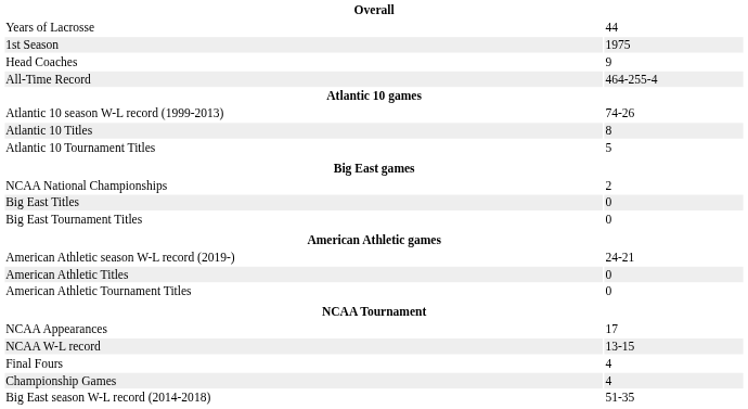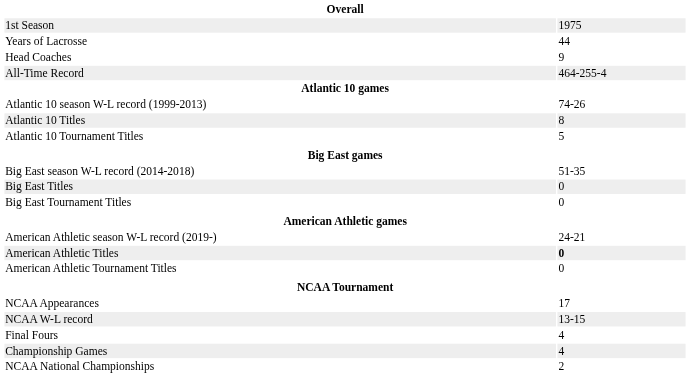 <table width=60% class="toccolours">
 <tr>
 <th colspan=2>Overall</th>
 </tr>
+<tr bgcolor=#eeeeee>
+<td>1st Season</td>
+<td>1975</td>
+</tr>
 <tr>
 <td>Years of Lacrosse</td>
 <td>44</td>
-</tr>
-<tr bgcolor=#eeeeee>
-<td>1st Season</td>
-<td>1975</td>
 </tr>
 <tr>
 <td>Head Coaches</td>
 <td>9</td>
 </tr>
 <tr bgcolor=#eeeeee>
 <td>All-Time Record</td>
 <td>464-255-4</td>
 </tr>
 <tr>
 <th colspan=2>Atlantic 10 games</th>
 </tr>
 <tr>
 <td>Atlantic 10 season W-L record (1999-2013)</td>
 <td>74-26</td>
 </tr>
 <tr bgcolor=#eeeeee>
 <td>Atlantic 10 Titles</td>
 <td>8</td>
 </tr>
 <tr>
 <td>Atlantic 10 Tournament Titles</td>
 <td>5</td>
 </tr>
 <tr>
 </tr>
 <tr bgcolor=#eeeeee>
 </tr>
 <tr>
 <th colspan=2>Big East games</th>
 </tr>
 <tr>
-<td>NCAA National Championships</td>
-<td>2</td>
+<td>Big East season W-L record (2014-2018)</td>
+<td>51-35</td>
 </tr>
 <tr bgcolor=#eeeeee>
 <td>Big East Titles</td>
 <td>0</td>
 </tr>
 <tr>
 <td>Big East Tournament Titles</td>
 <td>0</td>
 </tr>
 <tr>
 </tr>
 <tr bgcolor=#eeeeee>
 </tr>
 <tr>
 <th colspan=2>American Athletic games</th>
 </tr>
 <tr>
 <td>American Athletic season W-L record (2019-)</td>
 <td>24-21</td>
 </tr>
 <tr bgcolor=#eeeeee>
 <td>American Athletic Titles</td>
-<td>0</td>
+<td><strong>0</strong></td>
 </tr>
 <tr>
 <td>American Athletic Tournament Titles</td>
 <td>0</td>
 </tr>
 <tr>
 </tr>
 <tr bgcolor=#eeeeee>
 </tr>
 <tr>
 <th colspan=2>NCAA Tournament</th>
 </tr>
 <tr>
 <td>NCAA Appearances</td>
 <td>17</td>
 </tr>
 <tr bgcolor=#eeeeee>
 <td>NCAA W-L record</td>
 <td>13-15</td>
 </tr>
 <tr>
 <td>Final Fours</td>
 <td>4</td>
 </tr>
 <tr bgcolor=#eeeeee>
 <td>Championship Games</td>
 <td>4</td>
 </tr>
 <tr>
-<td>Big East season W-L record (2014-2018)</td>
-<td>51-35</td>
+<td>NCAA National Championships</td>
+<td>2</td>
 </tr>
 </table>
